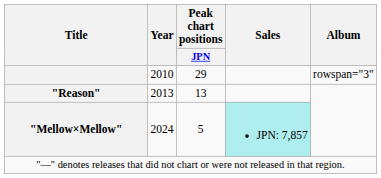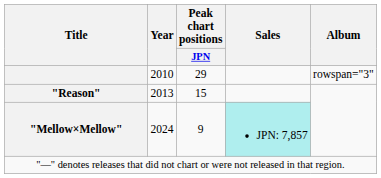 <table class="wikitable plainrowheaders" style="text-align:center;">
 <tr>
 <th scope="col" rowspan="2" style="width:12em;">Title</th>
 <th scope="col" rowspan="2">Year</th>
 <th scope="col" colspan="1">Peak chart positions</th>
 <th scope="col" rowspan="2">Sales</th>
 <th scope="col" rowspan="2">Album</th>
 </tr>
 <tr>
 <th scope="col" style="width:3em;font-size:90%;"><a href='#'>JPN</a><br></th>
 </tr>
 <tr>
 <th scope="row"></th>
 <td>2010</td>
 <td>29</td>
 <td></td>
 <td>rowspan="3" </td>
 </tr>
 <tr>
 <th scope="row">"Reason"</th>
 <td>2013</td>
-<td>13</td>
+<td>15</td>
 <td></td>
 </tr>
 <tr>
 <th scope="row">"Mellow×Mellow"</th>
 <td>2024</td>
-<td>5</td>
+<td>9</td>
 <td style="background: paleturquoise;"><br><ul><li>JPN: 7,857</li></ul></td>
 </tr>
 <tr>
 <td colspan="5" style="font-size:90%;">"—" denotes releases that did not chart or were not released in that region.</td>
 </tr>
 </table>
